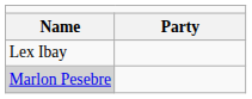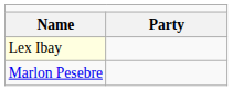 <table class="wikitable" style="font-size:90%">
 <tr>
 <td colspan="5" style="color:inherit;background:"></td>
 </tr>
 <tr>
 <th !width=150px>Name</th>
 <th colspan=2 width=110px>Party</th>
 </tr>
 <tr>
-<td>Lex Ibay</td>
+<td style="background: lightyellow;">Lex Ibay</td>
 <td></td>
 </tr>
 <tr>
-<td style="background: lightgrey;"><a href='#'>Marlon Pesebre</a></td>
+<td><a href='#'>Marlon Pesebre</a></td>
 <td></td>
 </tr>
 </table>
